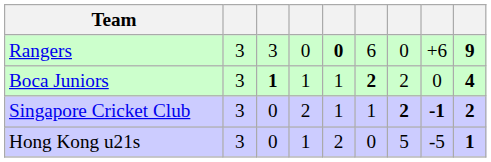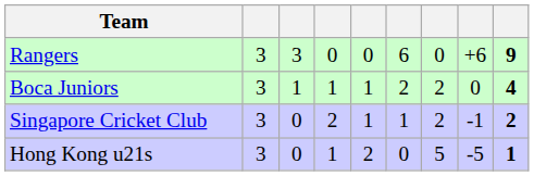 <table class="wikitable" style="text-align:center;">
 <tr>
 <th width=175>Team</th>
 <th width=20></th>
 <th width=20></th>
 <th width=20></th>
 <th width=20></th>
 <th width=20></th>
 <th width=20></th>
 <th width=20></th>
 <th width=20></th>
 </tr>
 <tr bgcolor="#ccffcc">
 <td align="left"><a href='#'>Rangers</a></td>
 <td>3</td>
 <td>3</td>
 <td>0</td>
-<td><strong>0</strong></td>
+<td>0</td>
 <td>6</td>
 <td>0</td>
 <td>+6</td>
 <td><strong>9</strong></td>
 </tr>
 <tr bgcolor="#ccffcc">
 <td align="left"><a href='#'>Boca Juniors</a></td>
 <td>3</td>
-<td><strong>1</strong></td>
 <td>1</td>
 <td>1</td>
-<td><strong>2</strong></td>
+<td>1</td>
+<td>2</td>
 <td>2</td>
 <td>0</td>
 <td><strong>4</strong></td>
 </tr>
 <tr bgcolor="#ccccff">
 <td align="left"><a href='#'>Singapore Cricket Club</a></td>
 <td>3</td>
 <td>0</td>
 <td>2</td>
 <td>1</td>
 <td>1</td>
-<td><strong>2</strong></td>
-<td><strong>-1</strong></td>
+<td>2</td>
+<td>-1</td>
 <td><strong>2</strong></td>
 </tr>
 <tr bgcolor="#ccccff">
 <td align="left">Hong Kong u21s</td>
 <td>3</td>
 <td>0</td>
 <td>1</td>
 <td>2</td>
 <td>0</td>
 <td>5</td>
 <td>-5</td>
 <td><strong>1</strong></td>
 </tr>
 </table>
